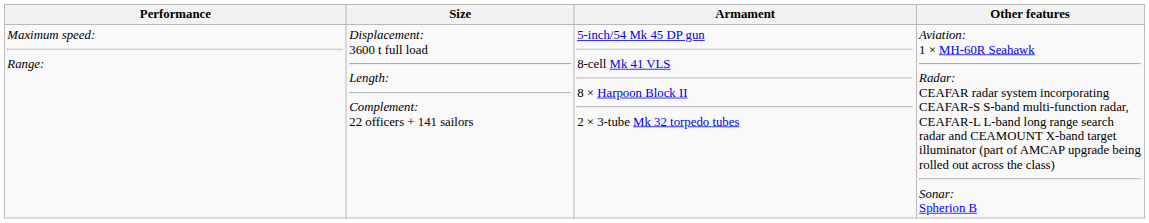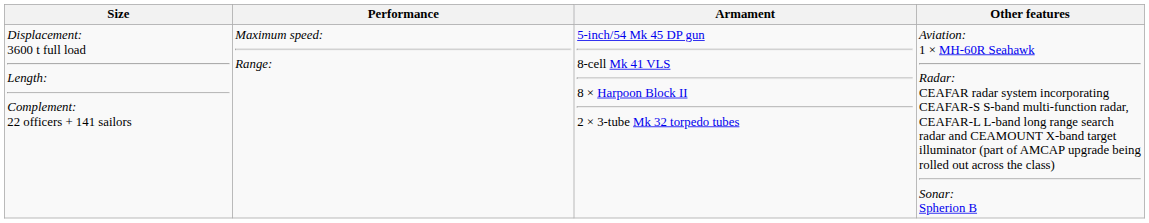 <table class="wikitable" width=90% style="text-align: left">
 <tr bgcolor=lavender>
+<th>Size</th>
 <th>Performance</th>
-<th>Size</th>
 <th>Armament</th>
 <th>Other features</th>
 </tr>
 <tr>
+<td valign=top width=20%><em>Displacement:</em><br>3600 t full load<hr><em>Length:</em><br><hr><em>Complement:</em><br>22 officers + 141 sailors</td>
 <td valign=top width=30%><em>Maximum speed:</em><br><hr><em>Range:</em><br></td>
-<td valign=top width=20%><em>Displacement:</em><br>3600 t full load<hr><em>Length:</em><br><hr><em>Complement:</em><br>22 officers + 141 sailors</td>
 <td valign=top width=30%><a href='#'>5-inch/54 Mk 45 DP gun</a><hr>8-cell <a href='#'>Mk 41 VLS</a><hr>8 × <a href='#'>Harpoon Block II</a><hr>2 × 3-tube <a href='#'>Mk 32 torpedo tubes</a></td>
 <td valign=top width=20%><em>Aviation:</em><br>1 × <a href='#'>MH-60R Seahawk</a><hr><em>Radar:</em><br>CEAFAR radar system incorporating CEAFAR-S S-band multi-function radar, CEAFAR-L L-band long range search radar and CEAMOUNT X-band target illuminator (part of AMCAP upgrade being rolled out across the class)<hr><em>Sonar:</em><br><a href='#'>Spherion B</a></td>
 </tr>
 </table>
